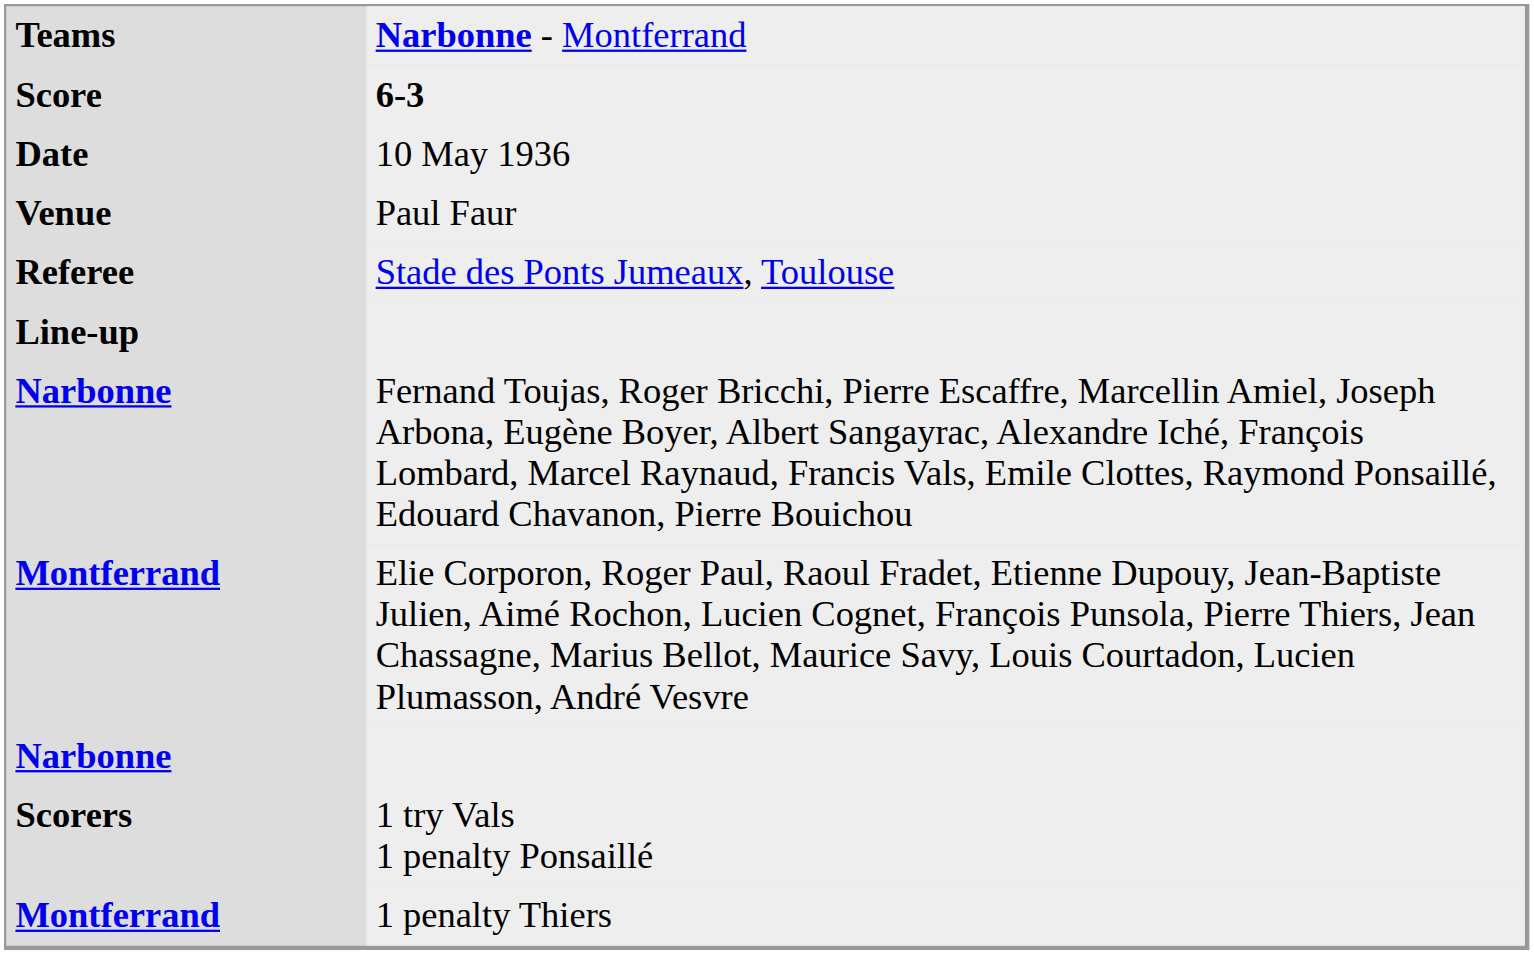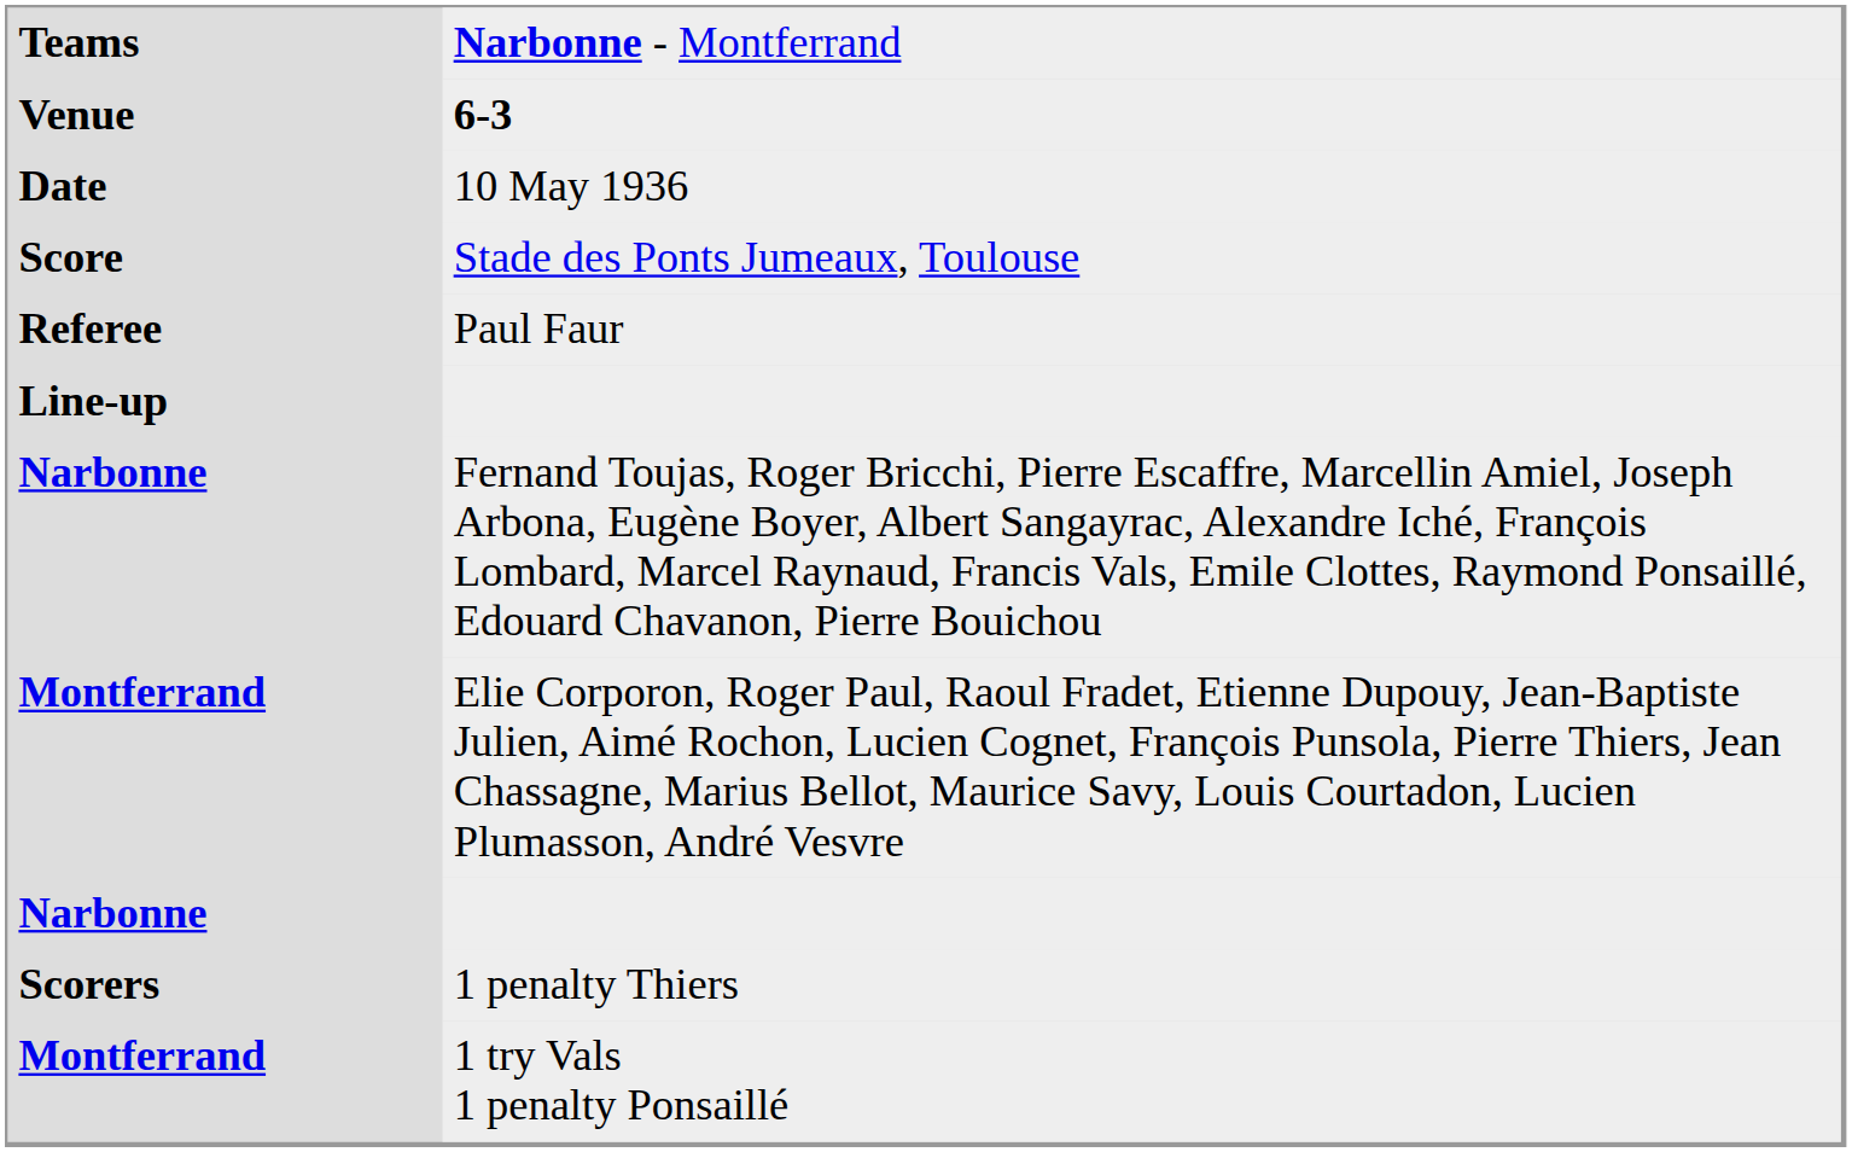 <table align="left" cellpadding="4" cellspacing="0"  style="margin: 0 0 0 0; border: 1px solid #999; border-right-width: 2px; border-bottom-width: 2px; background-color: #DDDDDD">
 <tr>
 <td width="150" valign="top"><strong>Teams</strong></td>
 <td width="500" bgcolor=#EEEEEE><strong><a href='#'>Narbonne</a></strong> - <a href='#'>Montferrand</a></td>
 </tr>
 <tr>
-<td valign="top"><strong>Score</strong></td>
+<td valign="top"><strong>Venue</strong></td>
 <td bgcolor=#EEEEEE><strong>6-3</strong></td>
 </tr>
 <tr>
 <td valign="top"><strong>Date</strong></td>
 <td bgcolor=#EEEEEE>10 May 1936</td>
 </tr>
 <tr>
-<td valign="top"><strong>Venue</strong></td>
-<td bgcolor=#EEEEEE>Paul Faur</td>
+<td valign="top"><strong>Score</strong></td>
+<td bgcolor=#EEEEEE><a href='#'>Stade des Ponts Jumeaux</a>, <a href='#'>Toulouse</a></td>
 </tr>
 <tr>
 <td valign="top"><strong>Referee</strong></td>
-<td bgcolor=#EEEEEE><a href='#'>Stade des Ponts Jumeaux</a>, <a href='#'>Toulouse</a></td>
+<td bgcolor=#EEEEEE>Paul Faur</td>
 </tr>
 <tr>
 <td valign="top"><strong>Line-up</strong></td>
 <td bgcolor=#EEEEEE></td>
 </tr>
 <tr>
 <td valign="top"><strong><a href='#'>Narbonne</a> </strong></td>
 <td bgcolor=#EEEEEE>Fernand Toujas, Roger Bricchi, Pierre Escaffre, Marcellin Amiel, Joseph Arbona, Eugène Boyer, Albert Sangayrac, Alexandre Iché, François Lombard, Marcel Raynaud, Francis Vals, Emile Clottes, Raymond Ponsaillé, Edouard Chavanon, Pierre Bouichou</td>
 </tr>
 <tr>
 <td valign="top"><strong><a href='#'>Montferrand</a></strong></td>
 <td bgcolor=#EEEEEE>Elie Corporon, Roger Paul, Raoul Fradet, Etienne Dupouy, Jean-Baptiste Julien, Aimé Rochon, Lucien Cognet, François Punsola, Pierre Thiers, Jean Chassagne, Marius Bellot, Maurice Savy, Louis Courtadon, Lucien Plumasson, André Vesvre</td>
 </tr>
 <tr>
 <td valign="top"><strong> <a href='#'>Narbonne</a></strong></td>
 <td bgcolor=#EEEEEE></td>
 </tr>
 <tr>
 <td valign="top"><strong>Scorers</strong></td>
-<td bgcolor=#EEEEEE>1 try Vals<br>1 penalty Ponsaillé</td>
+<td bgcolor=#EEEEEE>1 penalty Thiers</td>
 </tr>
 <tr>
 <td valign="top"><strong><a href='#'>Montferrand</a></strong></td>
-<td bgcolor=#EEEEEE>1 penalty Thiers</td>
+<td bgcolor=#EEEEEE>1 try Vals<br>1 penalty Ponsaillé</td>
 </tr>
 </table>
